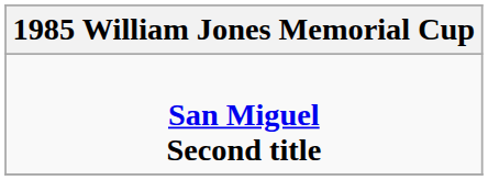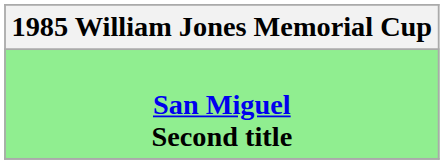 <table class="wikitable" style="text-align: center; margin: 0 auto;">
 <tr>
 <th>1985 William Jones Memorial Cup</th>
 </tr>
 <tr>
-<td> <br> <strong><a href='#'>San Miguel</a></strong> <br> <strong>Second title</strong></td>
+<td style="background: lightgreen;"> <br> <strong><a href='#'>San Miguel</a></strong> <br> <strong>Second title</strong></td>
 </tr>
 <tr>
 </tr>
 </table>
